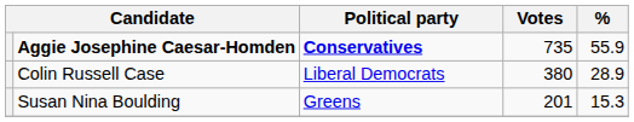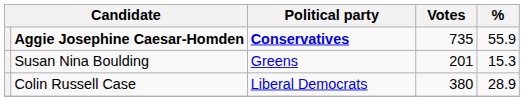 <table class="wikitable">
 <tr>
 <th valign=top colspan="2" style="width: 180px">Candidate</th>
 <th valign=top style="width: 180px">Political party</th>
 <th valign=top style="width: 60px">Votes</th>
 <th valign=top style="width: 40px">%</th>
 </tr>
 <tr>
 <th style="background-color: "></th>
 <td><strong>Aggie Josephine Caesar-Homden</strong></td>
 <td><strong><a href='#'>Conservatives</a></strong></td>
 <td align="right">735</td>
 <td align="right">55.9</td>
 </tr>
 <tr>
 <th style="background-color: "></th>
+<td>Susan Nina Boulding</td>
+<td><a href='#'>Greens</a></td>
+<td align="right">201</td>
+<td align="right">15.3</td>
+</tr>
+<tr>
+<th style="background-color: "></th>
 <td>Colin Russell Case</td>
 <td><a href='#'>Liberal Democrats</a></td>
 <td align="right">380</td>
 <td align="right">28.9</td>
 </tr>
 <tr>
-<th style="background-color: "></th>
-<td>Susan Nina Boulding</td>
-<td><a href='#'>Greens</a></td>
-<td align="right">201</td>
-<td align="right">15.3</td>
-</tr>
-<tr>
 </tr>
 </table>
